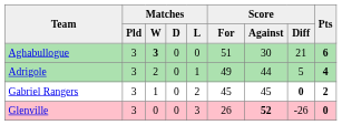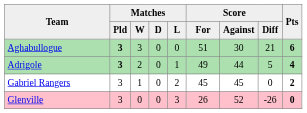 <table style=border-collapse:collapse border=1 cellspacing=0 cellpadding=5>
 <tr align=center bgcolor=#efefef>
 <th rowspan=2 width=165>Team</th>
 <th colspan=4>Matches</th>
 <th colspan=3>Score</th>
 <th rowspan=2width=20>Pts</th>
 </tr>
 <tr align=center bgcolor=#efefef>
 <th width=20>Pld</th>
 <th width=20>W</th>
 <th width=20>D</th>
 <th width=20>L</th>
 <th width=45>For</th>
 <th width=45>Against</th>
 <th width=30>Diff</th>
 </tr>
 <tr align=center style="background:#ACE1AF;">
 <td style="text-align:left;"><a href='#'>Aghabullogue</a></td>
+<td><strong>3</strong></td>
 <td>3</td>
-<td><strong>3</strong></td>
 <td>0</td>
 <td>0</td>
 <td>51</td>
 <td>30</td>
 <td>21</td>
 <td><strong>6</strong></td>
 </tr>
 <tr align=center style="background:#ACE1AF;">
 <td style="text-align:left;"><a href='#'>Adrigole</a></td>
-<td>3</td>
+<td><strong>3</strong></td>
 <td>2</td>
 <td>0</td>
 <td>1</td>
 <td>49</td>
 <td>44</td>
 <td>5</td>
 <td><strong>4</strong></td>
 </tr>
 <tr align=center>
 <td style="text-align:left;"><a href='#'>Gabriel Rangers</a></td>
 <td>3</td>
 <td>1</td>
 <td>0</td>
 <td>2</td>
 <td>45</td>
 <td>45</td>
-<td><strong>0</strong></td>
+<td>0</td>
 <td><strong>2</strong></td>
 </tr>
 <tr align=center style="background:#FFC0CB;">
 <td style="text-align:left;"><a href='#'>Glenville</a></td>
 <td>3</td>
 <td>0</td>
 <td>0</td>
 <td>3</td>
 <td>26</td>
-<td><strong>52</strong></td>
+<td>52</td>
 <td>-26</td>
 <td><strong>0</strong></td>
 </tr>
 </table>
